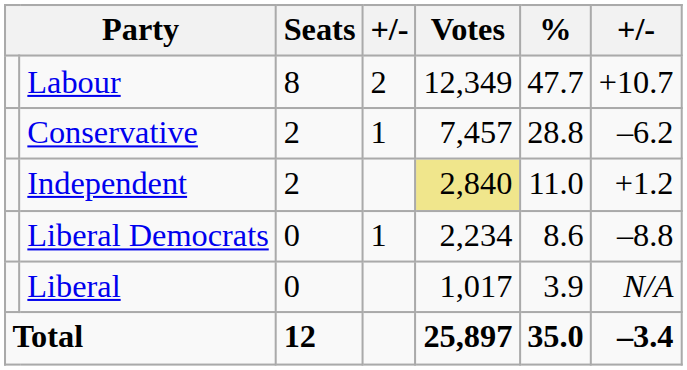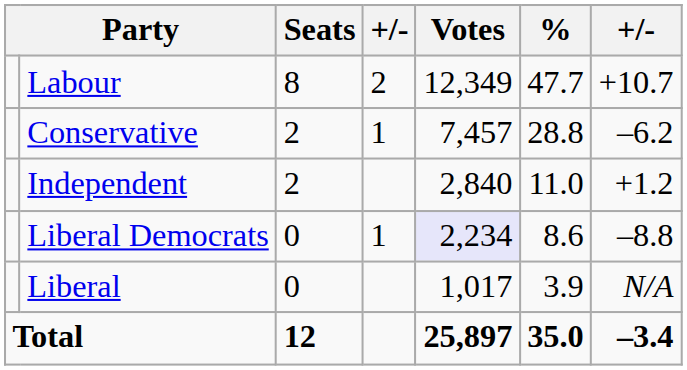 <table class="wikitable sortable">
 <tr>
 <th colspan="2">Party</th>
 <th>Seats</th>
 <th>+/-</th>
 <th>Votes</th>
 <th>%</th>
 <th>+/-</th>
 </tr>
 <tr>
 <td style="background-color: "></td>
 <td><a href='#'>Labour</a></td>
 <td>8</td>
 <td> 2</td>
 <td style="text-align:right;">12,349</td>
 <td style="text-align:right;">47.7</td>
 <td style="text-align:right;">+10.7</td>
 </tr>
 <tr>
 <td style="background-color: "></td>
 <td><a href='#'>Conservative</a></td>
 <td>2</td>
 <td> 1</td>
 <td style="text-align:right;">7,457</td>
 <td style="text-align:right;">28.8</td>
 <td style="text-align:right;">–6.2</td>
 </tr>
 <tr>
 <td style="background-color: "></td>
 <td><a href='#'>Independent</a></td>
 <td>2</td>
 <td></td>
-<td style="background: khaki; text-align:right;">2,840</td>
+<td style="text-align:right;">2,840</td>
 <td style="text-align:right;">11.0</td>
 <td style="text-align:right;">+1.2</td>
 </tr>
 <tr>
 <td style="background-color: "></td>
 <td><a href='#'>Liberal Democrats</a></td>
 <td>0</td>
 <td> 1</td>
-<td style="text-align:right;">2,234</td>
+<td style="background: lavender; text-align:right;">2,234</td>
 <td style="text-align:right;">8.6</td>
 <td style="text-align:right;">–8.8</td>
 </tr>
 <tr>
 <td style="background-color: "></td>
 <td><a href='#'>Liberal</a></td>
 <td>0</td>
 <td></td>
 <td style="text-align:right;">1,017</td>
 <td style="text-align:right;">3.9</td>
 <td style="text-align:right;"><em>N/A</em></td>
 </tr>
 <tr>
 <td colspan="2"><strong>Total</strong></td>
 <td><strong>12</strong></td>
 <td></td>
 <td style="text-align:right;"><strong>25,897</strong></td>
 <td style="text-align:right;"><strong>35.0</strong></td>
 <td style="text-align:right;"><strong>–3.4</strong></td>
 </tr>
 </table>
